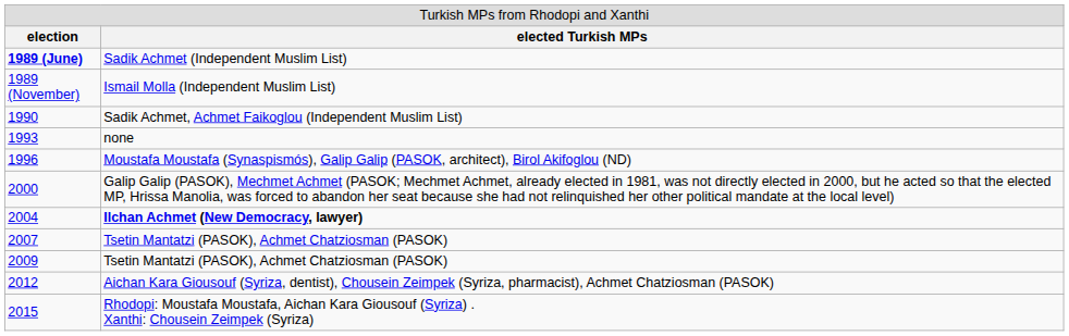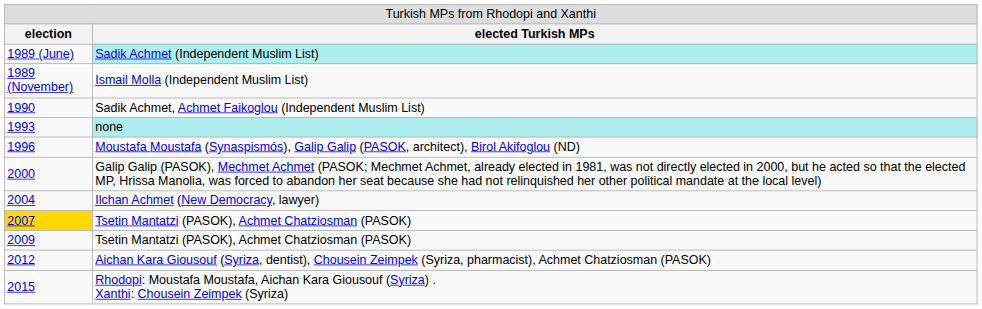 <table class="wikitable">
 <tr bgcolor=#DDDDDD>
 <td colspan=8 align="center">Turkish MPs from Rhodopi and Xanthi</td>
 </tr>
 <tr>
 <th>election</th>
 <th>elected Turkish MPs</th>
 </tr>
 <tr>
-<td><strong><a href='#'>1989 (June)</a></strong></td>
-<td><a href='#'>Sadik Achmet</a> (Independent Muslim List)</td>
+<td><a href='#'>1989 (June)</a></td>
+<td style="background: paleturquoise;"><a href='#'>Sadik Achmet</a> (Independent Muslim List)</td>
 </tr>
 <tr>
 <td><a href='#'>1989 (November)</a></td>
 <td><a href='#'>Ismail Molla</a> (Independent Muslim List)</td>
 </tr>
 <tr>
 <td><a href='#'>1990</a></td>
 <td>Sadik Achmet, <a href='#'>Achmet Faikoglou</a> (Independent Muslim List)</td>
 </tr>
 <tr>
 <td><a href='#'>1993</a></td>
-<td>none</td>
+<td style="background: paleturquoise;">none</td>
 </tr>
 <tr>
 <td><a href='#'>1996</a></td>
 <td><a href='#'>Moustafa Moustafa</a> (<a href='#'>Synaspismós</a>), <a href='#'>Galip Galip</a> (<a href='#'>PASOK</a>, architect), <a href='#'>Birol Akifoglou</a> (ND) </td>
 </tr>
 <tr>
 <td><a href='#'>2000</a></td>
 <td>Galip Galip (PASOK), <a href='#'>Mechmet Achmet</a> (PASOK; Mechmet Achmet, already elected in 1981, was not directly elected in 2000, but he acted so that the elected MP, Hrissa Manolia, was forced to abandon her seat because she had not relinquished her other political mandate at the local level)</td>
 </tr>
 <tr>
 <td><a href='#'>2004</a></td>
-<td><strong><a href='#'>Ilchan Achmet</a> (<a href='#'>New Democracy</a>, lawyer)</strong></td>
+<td><a href='#'>Ilchan Achmet</a> (<a href='#'>New Democracy</a>, lawyer)</td>
 </tr>
 <tr>
-<td><a href='#'>2007</a></td>
+<td style="background: gold;"><a href='#'>2007</a></td>
 <td><a href='#'>Tsetin Mantatzi</a> (PASOK), <a href='#'>Achmet Chatziosman</a> (PASOK)</td>
 </tr>
 <tr>
 <td><a href='#'>2009</a></td>
 <td>Tsetin Mantatzi (PASOK), Achmet Chatziosman (PASOK)</td>
 </tr>
 <tr>
 <td><a href='#'>2012</a></td>
 <td><a href='#'>Aichan Kara Giousouf</a> (<a href='#'>Syriza</a>, dentist), <a href='#'>Chousein Zeimpek</a> (Syriza, pharmacist), Achmet Chatziosman (PASOK)</td>
 </tr>
 <tr>
 <td><a href='#'>2015</a></td>
 <td><a href='#'>Rhodopi</a>: Moustafa Moustafa, Aichan Kara Giousouf (<a href='#'>Syriza</a>) .<br><a href='#'>Xanthi</a>: <a href='#'>Chousein Zeimpek</a> (Syriza) </td>
 </tr>
 </table>
